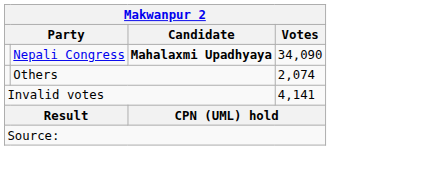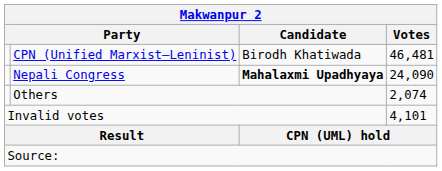 <table class="wikitable">
 <tr>
 <th colspan="4"><a href='#'>Makwanpur 2</a></th>
 </tr>
 <tr>
 <th colspan="2">Party</th>
 <th>Candidate</th>
 <th>Votes</th>
 </tr>
 <tr>
 <td style="background-color:"></td>
+<td><a href='#'>CPN (Unified Marxist–Leninist)</a></td>
+<td>Birodh Khatiwada</td>
+<td>46,481</td>
+</tr>
+<tr>
+<td style="background-color:"></td>
 <td><a href='#'>Nepali Congress</a></td>
 <td><strong>Mahalaxmi Upadhyaya</strong></td>
-<td>34,090</td>
+<td>24,090</td>
 </tr>
 <tr>
 <td></td>
 <td colspan="2">Others</td>
 <td>2,074</td>
 </tr>
 <tr>
 <td colspan="3">Invalid votes</td>
-<td>4,141</td>
+<td>4,101</td>
 </tr>
 <tr>
 <th colspan="2">Result</th>
 <th colspan="2">CPN (UML) hold</th>
 </tr>
 <tr>
 <td colspan="4">Source: </td>
 </tr>
 </table>
